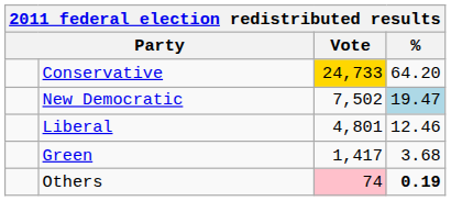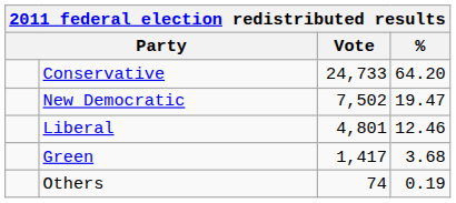 <table class="wikitable">
 <tr>
 <th colspan="4"><a href='#'>2011 federal election</a> redistributed results</th>
 </tr>
 <tr>
 <th bgcolor="#DDDDFF" width="130px" colspan="2">Party</th>
 <th bgcolor="#DDDDFF" width="50px">Vote</th>
 <th bgcolor="#DDDDFF" width="30px">%</th>
 </tr>
 <tr>
 <td> </td>
 <td><a href='#'>Conservative</a></td>
-<td align=right style="background: gold;">24,733</td>
+<td align=right>24,733</td>
 <td align=right>64.20</td>
 </tr>
 <tr>
 <td> </td>
 <td><a href='#'>New Democratic</a></td>
 <td align=right>7,502</td>
-<td align=right style="background: lightblue;">19.47</td>
+<td align=right>19.47</td>
 </tr>
 <tr>
 <td> </td>
 <td><a href='#'>Liberal</a></td>
 <td align=right>4,801</td>
 <td align=right>12.46</td>
 </tr>
 <tr>
 <td> </td>
 <td><a href='#'>Green</a></td>
 <td align=right>1,417</td>
 <td align=right>3.68</td>
 </tr>
 <tr>
 <td> </td>
 <td>Others</td>
-<td align=right style="background: pink;">74</td>
-<td align=right><strong>0.19</strong></td>
+<td align=right>74</td>
+<td align=right>0.19</td>
 </tr>
 </table>
